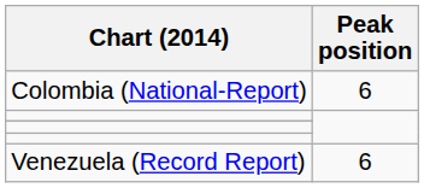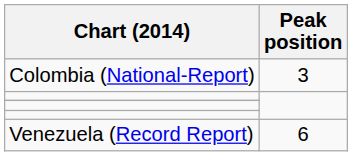 <table class="wikitable sortable">
 <tr>
 <th>Chart (2014)</th>
 <th>Peak<br>position</th>
 </tr>
 <tr>
 <td>Colombia (<a href='#'>National-Report</a>)</td>
-<td align="center">6</td>
+<td align="center">3</td>
 </tr>
 <tr>
 <td></td>
 </tr>
 <tr>
 </tr>
 <tr>
 <td></td>
 </tr>
 <tr>
 <td></td>
 </tr>
 <tr>
 <td>Venezuela (<a href='#'>Record Report</a>)</td>
 <td align="center">6</td>
 </tr>
 </table>
